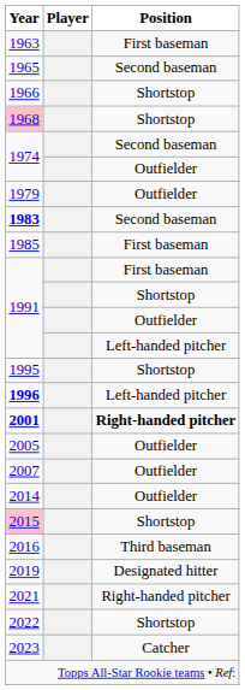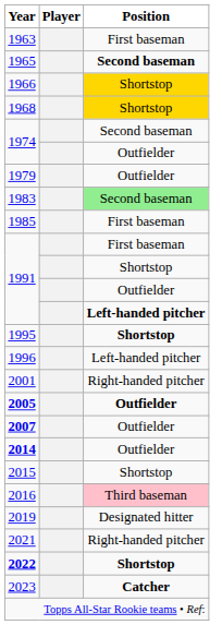 <table class="wikitable sortable plainrowheaders" style="font-size: 90%; style="text-align:center">
 <tr>
 <th scope="col" style="background-color:#ffffff; border-top:#">Year</th>
 <th scope="col" style="background-color:#ffffff; border-top:#">Player</th>
 <th scope="col" style="background-color:#ffffff; border-top:#">Position</th>
 </tr>
 <tr>
 <td style="text-align:center"><a href='#'>1963</a></td>
 <th scope="row" style="text-align:left"></th>
 <td style="text-align:center">First baseman</td>
 </tr>
 <tr>
 <td style="text-align:center"><a href='#'>1965</a></td>
 <th scope="row" style="text-align:left"></th>
-<td style="text-align:center">Second baseman</td>
+<td style="text-align:center"><strong>Second baseman</strong></td>
 </tr>
 <tr>
 <td style="text-align:center"><a href='#'>1966</a></td>
 <th scope="row" style="text-align:left"></th>
-<td style="text-align:center">Shortstop</td>
+<td style="background: gold; text-align:center">Shortstop</td>
 </tr>
 <tr>
-<td style="background: pink; text-align:center"><a href='#'>1968</a></td>
+<td style="text-align:center"><a href='#'>1968</a></td>
 <th scope="row" style="text-align:left"></th>
-<td style="text-align:center">Shortstop</td>
+<td style="background: gold; text-align:center">Shortstop</td>
 </tr>
 <tr>
 <td rowspan="2" style="text-align:center"><a href='#'>1974</a></td>
 <th scope="row" style="text-align:left"></th>
 <td style="text-align:center">Second baseman</td>
 </tr>
 <tr>
 <th scope="row" style="text-align:left"></th>
 <td style="text-align:center">Outfielder</td>
 </tr>
 <tr>
 <td style="text-align:center"><a href='#'>1979</a></td>
 <th scope="row" style="text-align:left"></th>
 <td style="text-align:center">Outfielder</td>
 </tr>
 <tr>
-<td style="text-align:center"><strong><a href='#'>1983</a></strong></td>
+<td style="text-align:center"><a href='#'>1983</a></td>
 <th scope="row" style="text-align:left"></th>
-<td style="text-align:center">Second baseman</td>
+<td style="background: lightgreen; text-align:center">Second baseman</td>
 </tr>
 <tr>
 <td style="text-align:center"><a href='#'>1985</a></td>
 <th scope="row" style="text-align:left"></th>
 <td style="text-align:center">First baseman</td>
 </tr>
 <tr>
 <td rowspan="4" style="text-align:center"><a href='#'>1991</a></td>
 <th scope="row" style="text-align:left"></th>
 <td style="text-align:center">First baseman</td>
 </tr>
 <tr>
 <th scope="row" style="text-align:left"></th>
 <td style="text-align:center">Shortstop</td>
 </tr>
 <tr>
 <th scope="row" style="text-align:left"></th>
 <td style="text-align:center">Outfielder</td>
 </tr>
 <tr>
 <th scope="row" style="text-align:left"></th>
-<td style="text-align:center">Left-handed pitcher</td>
+<td style="text-align:center"><strong>Left-handed pitcher</strong></td>
 </tr>
 <tr>
 <td style="text-align:center"><a href='#'>1995</a></td>
 <th scope="row" style="text-align:left"></th>
-<td style="text-align:center">Shortstop</td>
+<td style="text-align:center"><strong>Shortstop</strong></td>
 </tr>
 <tr>
-<td style="text-align:center"><strong><a href='#'>1996</a></strong></td>
+<td style="text-align:center"><a href='#'>1996</a></td>
 <th scope="row" style="text-align:left"></th>
 <td style="text-align:center">Left-handed pitcher</td>
 </tr>
 <tr>
-<td style="text-align:center"><strong><a href='#'>2001</a></strong></td>
+<td style="text-align:center"><a href='#'>2001</a></td>
 <th scope="row" style="text-align:left"></th>
-<td style="text-align:center"><strong>Right-handed pitcher</strong></td>
+<td style="text-align:center">Right-handed pitcher</td>
 </tr>
 <tr>
-<td style="text-align:center"><a href='#'>2005</a></td>
+<td style="text-align:center"><strong><a href='#'>2005</a></strong></td>
+<th scope="row" style="text-align:left"></th>
+<td style="text-align:center"><strong>Outfielder</strong></td>
+</tr>
+<tr>
+<td style="text-align:center"><strong><a href='#'>2007</a></strong></td>
 <th scope="row" style="text-align:left"></th>
 <td style="text-align:center">Outfielder</td>
 </tr>
 <tr>
-<td style="text-align:center"><a href='#'>2007</a></td>
+<td style="text-align:center"><strong><a href='#'>2014</a></strong></td>
 <th scope="row" style="text-align:left"></th>
 <td style="text-align:center">Outfielder</td>
 </tr>
 <tr>
-<td style="text-align:center"><a href='#'>2014</a></td>
-<th scope="row" style="text-align:left"></th>
-<td style="text-align:center">Outfielder</td>
-</tr>
-<tr>
-<td style="background: pink; text-align:center"><a href='#'>2015</a></td>
+<td style="text-align:center"><a href='#'>2015</a></td>
 <th scope="row" style="text-align:left"></th>
 <td style="text-align:center">Shortstop</td>
 </tr>
 <tr>
 <td style="text-align:center"><a href='#'>2016</a></td>
 <th scope="row" style="text-align:left"></th>
-<td style="text-align:center">Third baseman</td>
+<td style="background: pink; text-align:center">Third baseman</td>
 </tr>
 <tr>
 <td style="text-align:center"><a href='#'>2019</a></td>
 <th scope="row" style="text-align:left"></th>
 <td style="text-align:center">Designated hitter</td>
 </tr>
 <tr>
 <td style="text-align:center"><a href='#'>2021</a></td>
 <th scope="row" style="text-align:left"></th>
 <td style="text-align:center">Right-handed pitcher</td>
 </tr>
 <tr>
-<td style="text-align:center"><a href='#'>2022</a></td>
+<td style="text-align:center"><strong><a href='#'>2022</a></strong></td>
 <th scope="row" style="text-align:left"></th>
-<td style="text-align:center">Shortstop</td>
+<td style="text-align:center"><strong>Shortstop</strong></td>
 </tr>
 <tr>
 <td style="text-align:center"><a href='#'>2023</a></td>
 <th scope="row" style="text-align:left"></th>
-<td style="text-align:center">Catcher</td>
+<td style="text-align:center"><strong>Catcher</strong></td>
 </tr>
 <tr class="sortbottom">
 <td style="text-align:right"; colspan="3"><small><a href='#'>Topps All-Star Rookie teams</a> • <em>Ref</em>:</small></td>
 </tr>
 </table>
